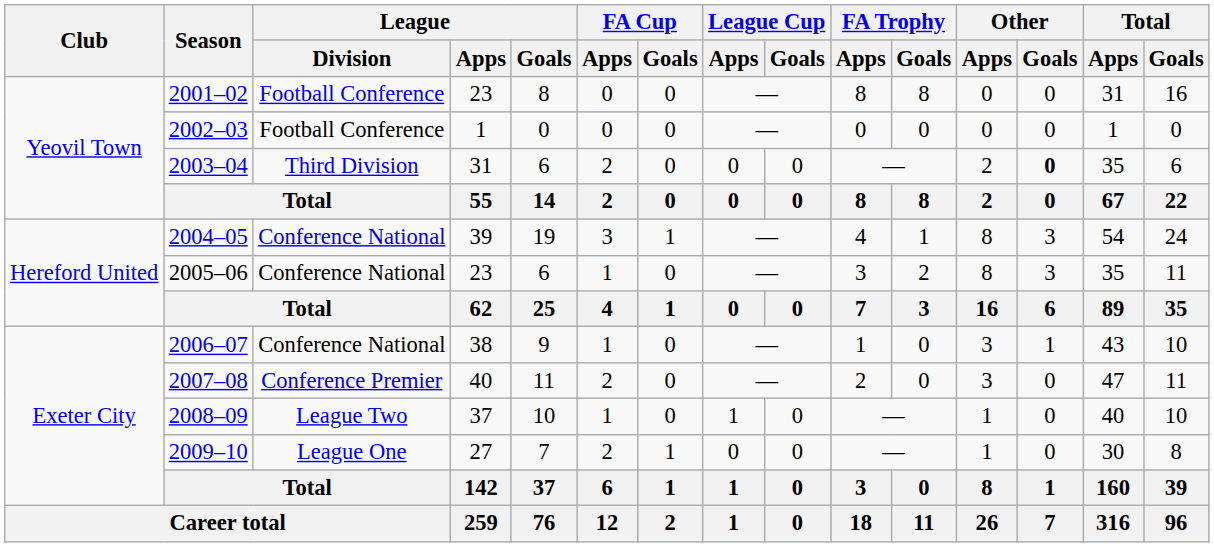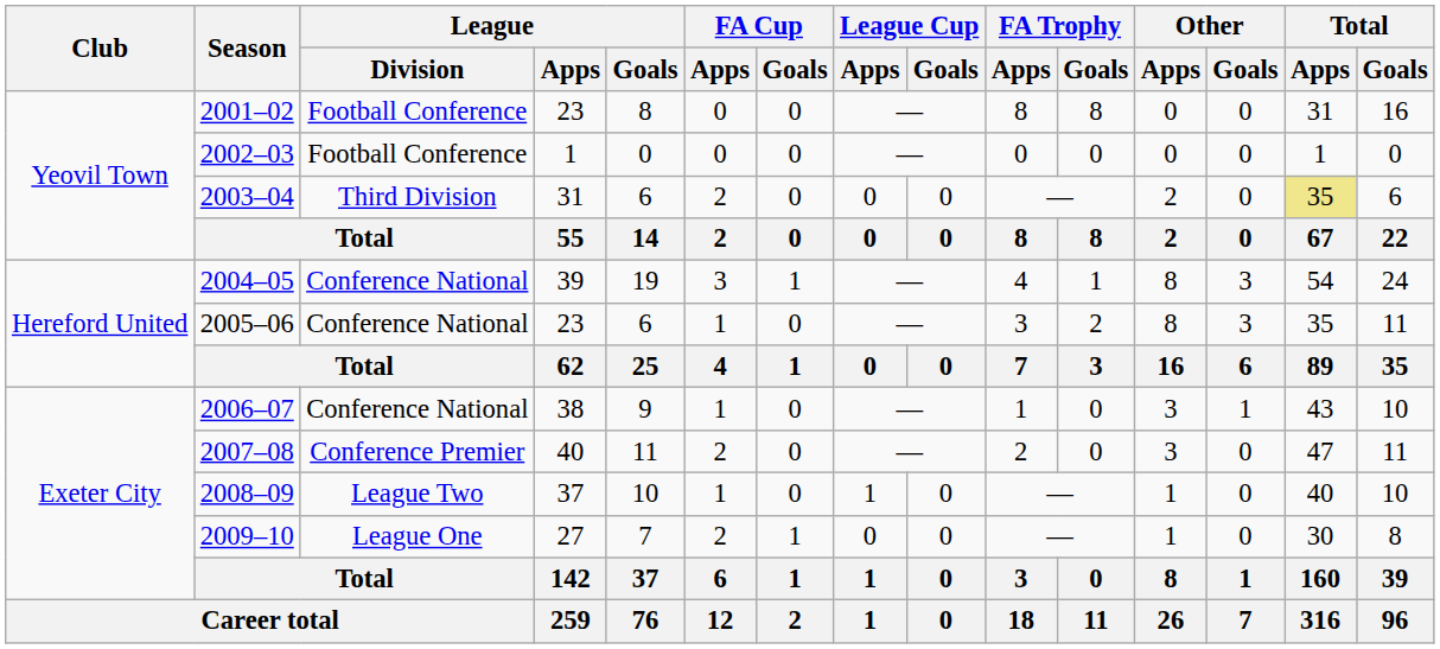 <table class=wikitable style="text-align: center">
 <tr>
 <th rowspan=2>Club</th>
 <th rowspan=2>Season</th>
 <th colspan=3>League</th>
 <th colspan=2><a href='#'>FA Cup</a></th>
 <th colspan=2><a href='#'>League Cup</a></th>
 <th colspan=2><a href='#'>FA Trophy</a></th>
 <th colspan=2>Other</th>
 <th colspan=2>Total</th>
 </tr>
 <tr>
 <th>Division</th>
 <th>Apps</th>
 <th>Goals</th>
 <th>Apps</th>
 <th>Goals</th>
 <th>Apps</th>
 <th>Goals</th>
 <th>Apps</th>
 <th>Goals</th>
 <th>Apps</th>
 <th>Goals</th>
 <th>Apps</th>
 <th>Goals</th>
 </tr>
 <tr>
 <td rowspan=4><a href='#'>Yeovil Town</a></td>
 <td><a href='#'>2001–02</a></td>
 <td><a href='#'>Football Conference</a></td>
 <td>23</td>
 <td>8</td>
 <td>0</td>
 <td>0</td>
 <td colspan=2>—</td>
 <td>8</td>
 <td>8</td>
 <td>0</td>
 <td>0</td>
 <td>31</td>
 <td>16</td>
 </tr>
 <tr>
 <td><a href='#'>2002–03</a></td>
 <td>Football Conference</td>
 <td>1</td>
 <td>0</td>
 <td>0</td>
 <td>0</td>
 <td colspan=2>—</td>
 <td>0</td>
 <td>0</td>
 <td>0</td>
 <td>0</td>
 <td>1</td>
 <td>0</td>
 </tr>
 <tr>
 <td><a href='#'>2003–04</a></td>
 <td><a href='#'>Third Division</a></td>
 <td>31</td>
 <td>6</td>
 <td>2</td>
 <td>0</td>
 <td>0</td>
 <td>0</td>
 <td colspan=2>—</td>
 <td>2</td>
-<td><strong>0</strong></td>
-<td>35</td>
+<td>0</td>
+<td style="background: khaki;">35</td>
 <td>6</td>
 </tr>
 <tr>
 <th colspan=2>Total</th>
 <th>55</th>
 <th>14</th>
 <th>2</th>
 <th>0</th>
 <th>0</th>
 <th>0</th>
 <th>8</th>
 <th>8</th>
 <th>2</th>
 <th>0</th>
 <th>67</th>
 <th>22</th>
 </tr>
 <tr>
 <td rowspan=3><a href='#'>Hereford United</a></td>
 <td><a href='#'>2004–05</a></td>
 <td><a href='#'>Conference National</a></td>
 <td>39</td>
 <td>19</td>
 <td>3</td>
 <td>1</td>
 <td colspan=2>—</td>
 <td>4</td>
 <td>1</td>
 <td>8</td>
 <td>3</td>
 <td>54</td>
 <td>24</td>
 </tr>
 <tr>
 <td>2005–06</td>
 <td>Conference National</td>
 <td>23</td>
 <td>6</td>
 <td>1</td>
 <td>0</td>
 <td colspan=2>—</td>
 <td>3</td>
 <td>2</td>
 <td>8</td>
 <td>3</td>
 <td>35</td>
 <td>11</td>
 </tr>
 <tr>
 <th colspan=2>Total</th>
 <th>62</th>
 <th>25</th>
 <th>4</th>
 <th>1</th>
 <th>0</th>
 <th>0</th>
 <th>7</th>
 <th>3</th>
 <th>16</th>
 <th>6</th>
 <th>89</th>
 <th>35</th>
 </tr>
 <tr>
 <td rowspan=5><a href='#'>Exeter City</a></td>
 <td><a href='#'>2006–07</a></td>
 <td>Conference National</td>
 <td>38</td>
 <td>9</td>
 <td>1</td>
 <td>0</td>
 <td colspan=2>—</td>
 <td>1</td>
 <td>0</td>
 <td>3</td>
 <td>1</td>
 <td>43</td>
 <td>10</td>
 </tr>
 <tr>
 <td><a href='#'>2007–08</a></td>
 <td><a href='#'>Conference Premier</a></td>
 <td>40</td>
 <td>11</td>
 <td>2</td>
 <td>0</td>
 <td colspan=2>—</td>
 <td>2</td>
 <td>0</td>
 <td>3</td>
 <td>0</td>
 <td>47</td>
 <td>11</td>
 </tr>
 <tr>
 <td><a href='#'>2008–09</a></td>
 <td><a href='#'>League Two</a></td>
 <td>37</td>
 <td>10</td>
 <td>1</td>
 <td>0</td>
 <td>1</td>
 <td>0</td>
 <td colspan=2>—</td>
 <td>1</td>
 <td>0</td>
 <td>40</td>
 <td>10</td>
 </tr>
 <tr>
 <td><a href='#'>2009–10</a></td>
 <td><a href='#'>League One</a></td>
 <td>27</td>
 <td>7</td>
 <td>2</td>
 <td>1</td>
 <td>0</td>
 <td>0</td>
 <td colspan=2>—</td>
 <td>1</td>
 <td>0</td>
 <td>30</td>
 <td>8</td>
 </tr>
 <tr>
 <th colspan=2>Total</th>
 <th>142</th>
 <th>37</th>
 <th>6</th>
 <th>1</th>
 <th>1</th>
 <th>0</th>
 <th>3</th>
 <th>0</th>
 <th>8</th>
 <th>1</th>
 <th>160</th>
 <th>39</th>
 </tr>
 <tr>
 <th colspan=3>Career total</th>
 <th>259</th>
 <th>76</th>
 <th>12</th>
 <th>2</th>
 <th>1</th>
 <th>0</th>
 <th>18</th>
 <th>11</th>
 <th>26</th>
 <th>7</th>
 <th>316</th>
 <th>96</th>
 </tr>
 </table>
